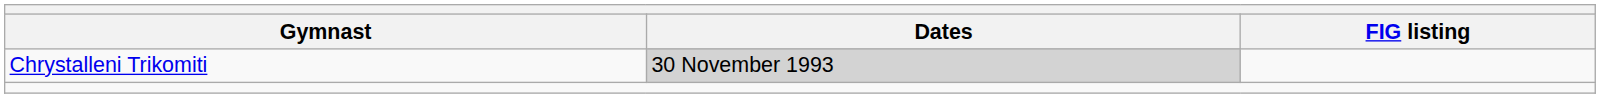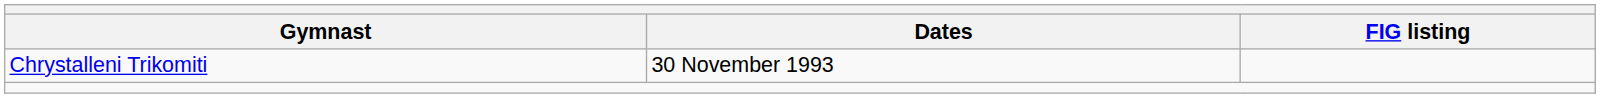 <table class="wikitable mw-collapsible mw-collapsed" width="75%">
 <tr>
 <th colspan="3"></th>
 </tr>
 <tr>
 <th>Gymnast</th>
 <th>Dates</th>
 <th><a href='#'>FIG</a> listing</th>
 </tr>
 <tr>
 <td><a href='#'>Chrystalleni Trikomiti</a></td>
-<td style="background: lightgrey;">30 November 1993</td>
+<td>30 November 1993</td>
 <td></td>
 </tr>
 <tr>
 <td colspan="3"></td>
 </tr>
 </table>
